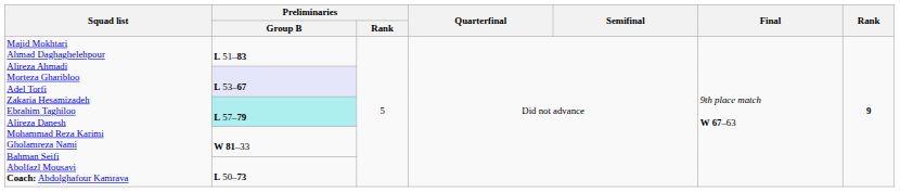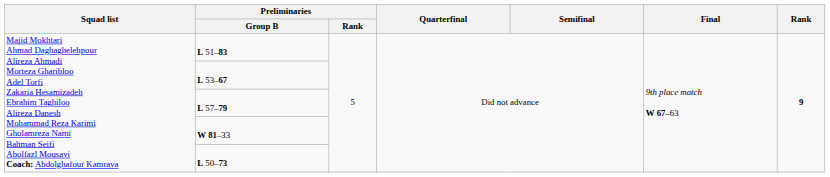 <table class="wikitable" width="85%" style="text-align:left; font-size:90%">
 <tr>
 <th rowspan="2" width="20%">Squad list</th>
 <th colspan="2">Preliminaries</th>
 <th rowspan="2" width="14%">Quarterfinal</th>
 <th rowspan="2" width="14%">Semifinal</th>
 <th rowspan="2" width="14%">Final</th>
 <th rowspan="2" width="5%">Rank</th>
 </tr>
 <tr>
 <th width="14%">Group B</th>
 <th width="5%">Rank</th>
 </tr>
 <tr>
 <td rowspan="5"><a href='#'>Majid Mokhtari</a><br><a href='#'>Ahmad Daghaghelehpour</a><br><a href='#'>Alireza Ahmadi</a><br><a href='#'>Morteza Gharibloo</a><br><a href='#'>Adel Torfi</a><br><a href='#'>Zakaria Hesamizadeh</a><br><a href='#'>Ebrahim Taghiloo</a><br><a href='#'>Alireza Danesh</a><br><a href='#'>Mohammad Reza Karimi</a><br><a href='#'>Gholamreza Nami</a><br><a href='#'>Bahman Seifi</a><br><a href='#'>Abolfazl Mousavi</a><br><strong>Coach:</strong> <a href='#'>Abdolghafour Kamrava</a></td>
 <td><br><strong>L</strong> 51–<strong>83</strong></td>
 <td rowspan="5" align=center>5</td>
 <td rowspan="5" colspan=2 align=center>Did not advance</td>
 <td rowspan="5"><em>9th place match</em><br><br><strong>W</strong> <strong>67</strong>–63</td>
 <td rowspan="5" align="center"><strong>9</strong></td>
 </tr>
 <tr>
-<td style="background: lavender;"><br><strong>L</strong> 53–<strong>67</strong></td>
+<td><br><strong>L</strong> 53–<strong>67</strong></td>
 </tr>
 <tr>
-<td style="background: paleturquoise;"><br><strong>L</strong> 57–<strong>79</strong></td>
+<td><br><strong>L</strong> 57–<strong>79</strong></td>
 </tr>
 <tr>
 <td><br><strong>W</strong> <strong>81</strong>–33</td>
 </tr>
 <tr>
 <td><br><strong>L</strong> 50–<strong>73</strong></td>
 </tr>
 </table>
